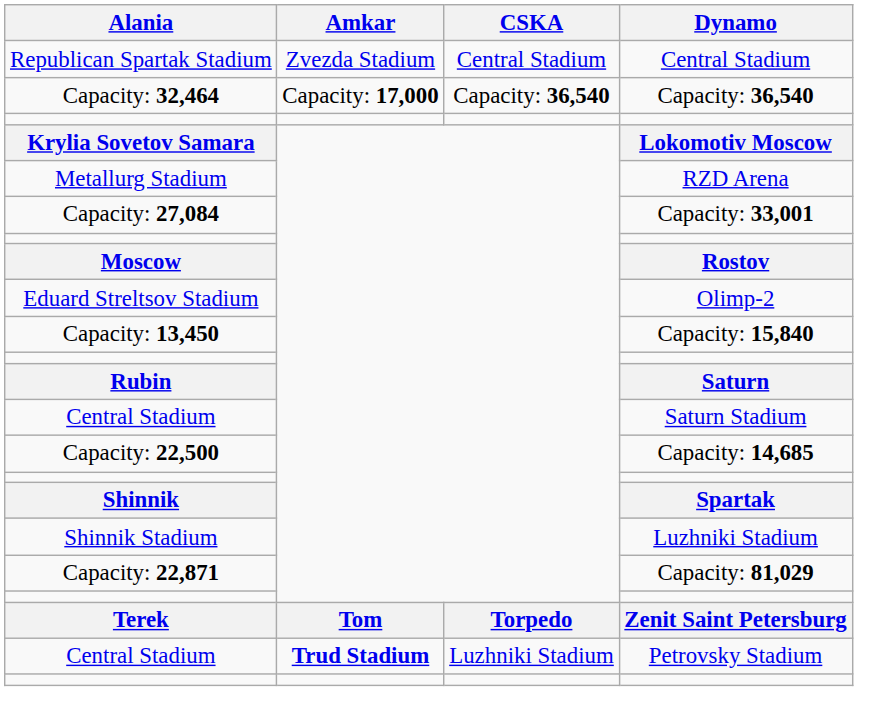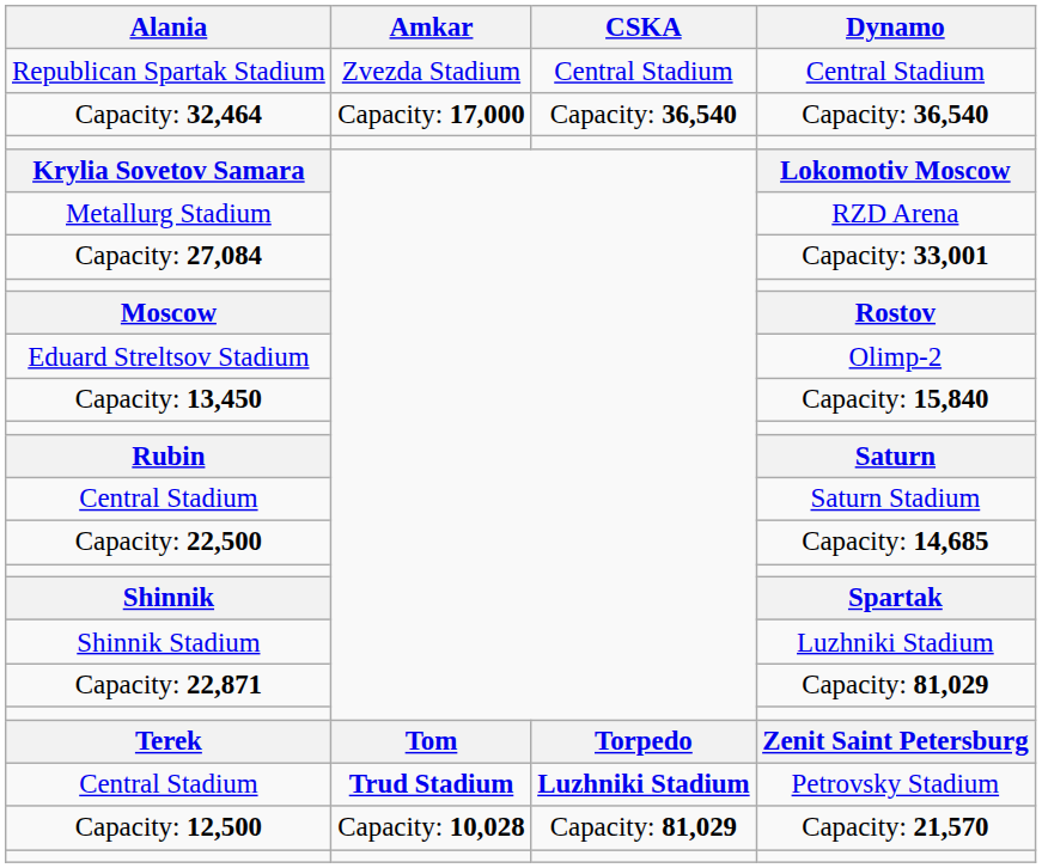 <table class="wikitable" style="text-align:center;">
 <tr>
 <th><a href='#'>Alania</a></th>
 <th><a href='#'>Amkar</a></th>
 <th><a href='#'>CSKA</a></th>
 <th><a href='#'>Dynamo</a></th>
 </tr>
 <tr>
 <td><a href='#'>Republican Spartak Stadium</a></td>
 <td><a href='#'>Zvezda Stadium</a></td>
 <td><a href='#'>Central Stadium</a></td>
 <td><a href='#'>Central Stadium</a></td>
 </tr>
 <tr>
 <td>Capacity: <strong>32,464</strong></td>
 <td>Capacity: <strong>17,000</strong></td>
 <td>Capacity: <strong>36,540</strong></td>
 <td>Capacity: <strong>36,540</strong></td>
 </tr>
 <tr>
 <td></td>
 <td></td>
 <td></td>
 <td></td>
 </tr>
 <tr>
 <th><a href='#'>Krylia Sovetov Samara</a></th>
 <td colspan="2" rowspan="16"><br> </td>
 <th><a href='#'>Lokomotiv Moscow</a></th>
 </tr>
 <tr>
 <td><a href='#'>Metallurg Stadium</a></td>
 <td><a href='#'>RZD Arena</a></td>
 </tr>
 <tr>
 <td>Capacity: <strong>27,084</strong></td>
 <td>Capacity: <strong>33,001</strong></td>
 </tr>
 <tr>
 <td></td>
 <td></td>
 </tr>
 <tr>
 <th><a href='#'>Moscow</a></th>
 <th><a href='#'>Rostov</a></th>
 </tr>
 <tr>
 <td><a href='#'>Eduard Streltsov Stadium</a></td>
 <td><a href='#'>Olimp-2</a></td>
 </tr>
 <tr>
 <td>Capacity: <strong>13,450</strong></td>
 <td>Capacity: <strong>15,840</strong></td>
 </tr>
 <tr>
 <td></td>
 <td></td>
 </tr>
 <tr>
 <th><a href='#'>Rubin</a></th>
 <th><a href='#'>Saturn</a></th>
 </tr>
 <tr>
 <td><a href='#'>Central Stadium</a></td>
 <td><a href='#'>Saturn Stadium</a></td>
 </tr>
 <tr>
 <td>Capacity: <strong>22,500</strong></td>
 <td>Capacity: <strong>14,685</strong></td>
 </tr>
 <tr>
 <td></td>
 <td></td>
 </tr>
 <tr>
 <th><a href='#'>Shinnik</a></th>
 <th><a href='#'>Spartak</a></th>
 </tr>
 <tr>
 <td><a href='#'>Shinnik Stadium</a></td>
 <td><a href='#'>Luzhniki Stadium</a></td>
 </tr>
 <tr>
 <td>Capacity: <strong>22,871</strong></td>
 <td>Capacity: <strong>81,029</strong></td>
 </tr>
 <tr>
 <td></td>
 <td></td>
 </tr>
 <tr>
 <th><a href='#'>Terek</a></th>
 <th><a href='#'>Tom</a></th>
 <th><a href='#'>Torpedo</a></th>
 <th><a href='#'>Zenit Saint Petersburg</a></th>
 </tr>
 <tr>
 <td><a href='#'>Central Stadium</a></td>
 <td><strong><a href='#'>Trud Stadium</a></strong></td>
-<td><a href='#'>Luzhniki Stadium</a></td>
+<td><strong><a href='#'>Luzhniki Stadium</a></strong></td>
 <td><a href='#'>Petrovsky Stadium</a></td>
+</tr>
+<tr>
+<td>Capacity: <strong>12,500</strong></td>
+<td>Capacity: <strong>10,028</strong></td>
+<td>Capacity: <strong>81,029</strong></td>
+<td>Capacity: <strong>21,570</strong></td>
 </tr>
 <tr>
 <td></td>
 <td></td>
 <td></td>
 <td></td>
 </tr>
 </table>
